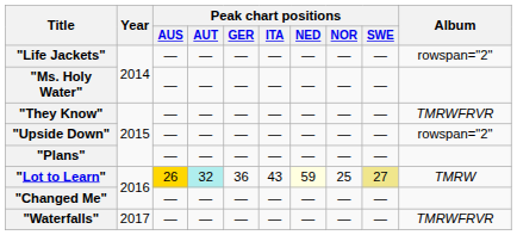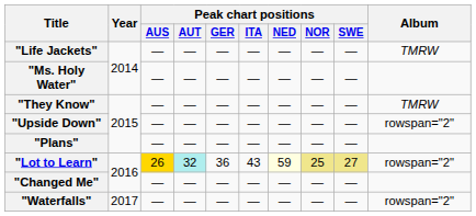 <table class="wikitable plainrowheaders" style="text-align:center;">
 <tr>
 <th scope="col" rowspan="2" style="width:11em;">Title</th>
 <th scope="col" rowspan="2" style="width:1em;">Year</th>
 <th scope="col" colspan="7" style="width:2em;">Peak chart positions</th>
 <th scope="col" rowspan="2" style="width:11em;">Album</th>
 </tr>
 <tr>
 <th scope="col" style="width:3em;font-size:90%;"><a href='#'>AUS</a><br></th>
 <th scope="col" style="width:3em;font-size:90%;"><a href='#'>AUT</a><br></th>
 <th scope="col" style="width:3em;font-size:90%;"><a href='#'>GER</a><br></th>
 <th scope="col" style="width:3em;font-size:90%;"><a href='#'>ITA</a><br></th>
 <th scope="col" style="width:3em;font-size:90%;"><a href='#'>NED</a><br></th>
 <th scope="col" style="width:3em;font-size:90%;"><a href='#'>NOR</a><br></th>
 <th scope="col" style="width:3em;font-size:90%;"><a href='#'>SWE</a><br></th>
 </tr>
 <tr>
 <th scope="row">"Life Jackets"</th>
 <td rowspan="2">2014</td>
 <td>—</td>
 <td>—</td>
 <td>—</td>
 <td>—</td>
 <td>—</td>
 <td>—</td>
 <td>—</td>
-<td>rowspan="2" </td>
+<td><em>TMRW</em></td>
 </tr>
 <tr>
 <th scope="row">"Ms. Holy Water"</th>
 <td>—</td>
 <td>—</td>
 <td>—</td>
 <td>—</td>
 <td>—</td>
 <td>—</td>
 <td>—</td>
 </tr>
 <tr>
 <th scope="row">"They Know"</th>
 <td rowspan="3">2015</td>
 <td>—</td>
 <td>—</td>
 <td>—</td>
 <td>—</td>
 <td>—</td>
 <td>—</td>
 <td>—</td>
-<td><em>TMRWFRVR</em></td>
+<td><em>TMRW</em></td>
 </tr>
 <tr>
 <th scope="row">"Upside Down"</th>
 <td>—</td>
 <td>—</td>
 <td>—</td>
 <td>—</td>
 <td>—</td>
 <td>—</td>
 <td>—</td>
 <td>rowspan="2" </td>
 </tr>
 <tr>
 <th scope="row">"Plans"</th>
 <td>—</td>
 <td>—</td>
 <td>—</td>
 <td>—</td>
 <td>—</td>
 <td>—</td>
 <td>—</td>
 </tr>
 <tr>
 <th scope="row">"<a href='#'>Lot to Learn</a>"</th>
 <td rowspan="2">2016</td>
 <td style="background: gold;">26</td>
 <td style="background: paleturquoise;">32</td>
 <td>36</td>
 <td>43</td>
 <td style="background: lightyellow;">59</td>
-<td>25</td>
+<td style="background: khaki;">25</td>
 <td style="background: khaki;">27</td>
-<td><em>TMRW</em></td>
+<td>rowspan="2" </td>
 </tr>
 <tr>
 <th scope="row">"Changed Me"</th>
 <td>—</td>
 <td>—</td>
 <td>—</td>
 <td>—</td>
 <td>—</td>
 <td>—</td>
 <td>—</td>
 <td></td>
 </tr>
 <tr>
 <th scope="row">"Waterfalls"</th>
 <td>2017</td>
 <td>—</td>
 <td>—</td>
 <td>—</td>
 <td>—</td>
 <td>—</td>
 <td>—</td>
 <td>—</td>
-<td><em>TMRWFRVR</em></td>
+<td>rowspan="2" </td>
 </tr>
 </table>
